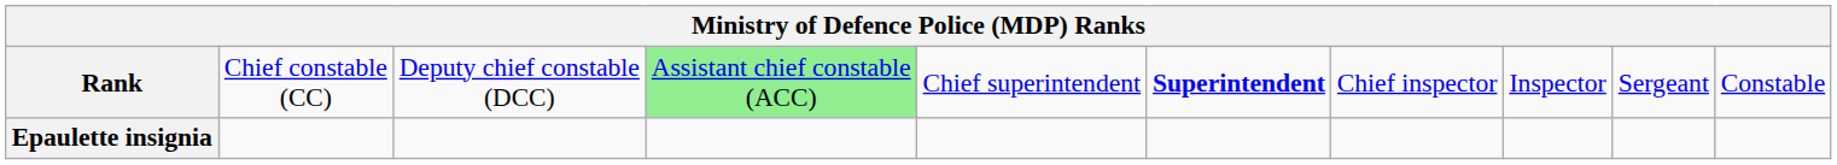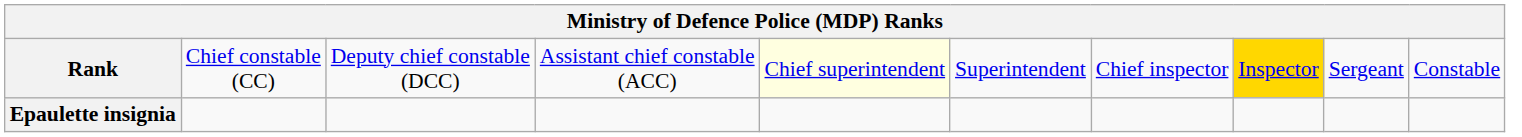 <table class="wikitable" style="text-align: center;">
 <tr>
 <th colspan=11>Ministry of Defence Police (MDP) Ranks</th>
 </tr>
 <tr>
 <th>Rank</th>
 <td><a href='#'>Chief constable</a><br>(CC)</td>
 <td><a href='#'>Deputy chief constable</a><br>(DCC)</td>
-<td style="background: lightgreen;"><a href='#'>Assistant chief constable</a><br>(ACC)</td>
-<td><a href='#'>Chief superintendent</a></td>
-<td><strong><a href='#'>Superintendent</a></strong></td>
+<td><a href='#'>Assistant chief constable</a><br>(ACC)</td>
+<td style="background: lightyellow;"><a href='#'>Chief superintendent</a></td>
+<td><a href='#'>Superintendent</a></td>
 <td><a href='#'>Chief inspector</a></td>
-<td><a href='#'>Inspector</a></td>
+<td style="background: gold;"><a href='#'>Inspector</a></td>
 <td><a href='#'>Sergeant</a></td>
 <td><a href='#'>Constable</a></td>
 </tr>
 <tr>
 <th>Epaulette insignia</th>
 <td></td>
 <td></td>
 <td></td>
 <td></td>
 <td></td>
 <td></td>
 <td></td>
 <td></td>
 <td></td>
 </tr>
 </table>
